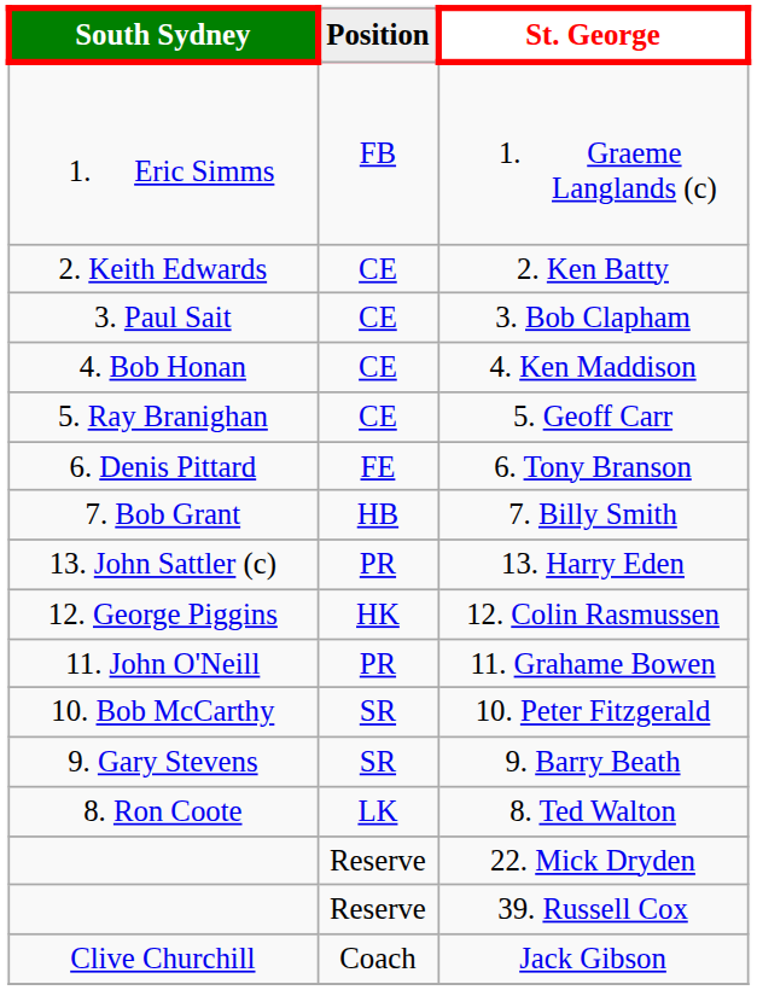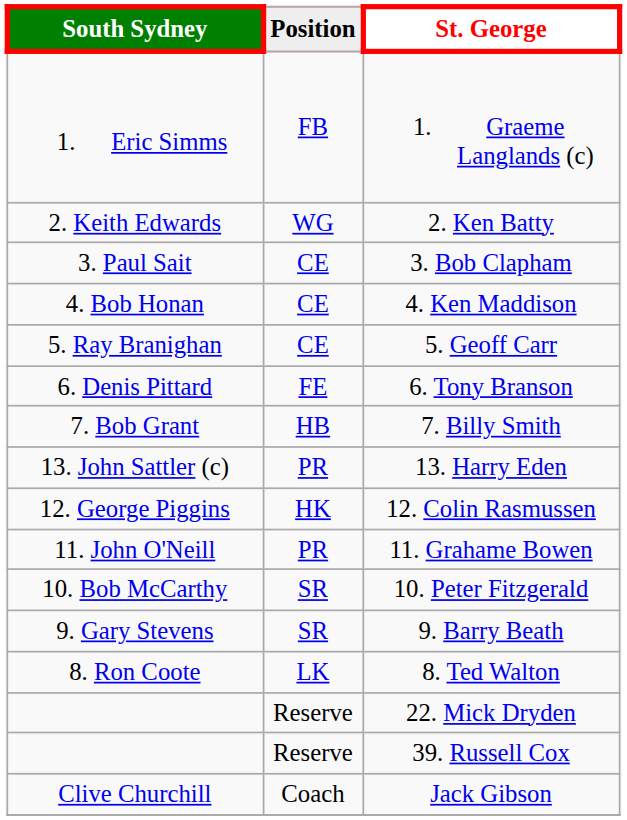 <table align="right" class="wikitable" style="font-size:90%; margin-left:1em">
 <tr bgcolor="#FF0033">
 <th style="width:140px; border:3px solid red; background: green; color: white">South Sydney</th>
 <th style="width:40px; text-align:center; background:#eee; color:black;">Position</th>
 <th style="width:140px; border:3px solid red; background: white; color: red">St. George</th>
 </tr>
 <tr align=center>
 <td><br><ol><li><a href='#'>Eric Simms</a></li></ol></td>
 <td><a href='#'>FB</a></td>
 <td><br><ol><li><a href='#'>Graeme Langlands</a> (c)</li></ol></td>
 </tr>
 <tr align=center>
 <td>2. <a href='#'>Keith Edwards</a></td>
-<td><a href='#'>CE</a></td>
+<td><a href='#'>WG</a></td>
 <td>2. <a href='#'>Ken Batty</a></td>
 </tr>
 <tr align=center>
 <td>3. <a href='#'>Paul Sait</a></td>
 <td><a href='#'>CE</a></td>
 <td>3. <a href='#'>Bob Clapham</a></td>
 </tr>
 <tr align=center>
 <td>4. <a href='#'>Bob Honan</a></td>
 <td><a href='#'>CE</a></td>
 <td>4. <a href='#'>Ken Maddison</a></td>
 </tr>
 <tr align=center>
 <td>5. <a href='#'>Ray Branighan</a></td>
 <td><a href='#'>CE</a></td>
 <td>5. <a href='#'>Geoff Carr</a></td>
 </tr>
 <tr align=center>
 <td>6. <a href='#'>Denis Pittard</a></td>
 <td><a href='#'>FE</a></td>
 <td>6. <a href='#'>Tony Branson</a></td>
 </tr>
 <tr align=center>
 <td>7. <a href='#'>Bob Grant</a></td>
 <td><a href='#'>HB</a></td>
 <td>7. <a href='#'>Billy Smith</a></td>
 </tr>
 <tr align=center>
 <td>13. <a href='#'>John Sattler</a> (c)</td>
 <td><a href='#'>PR</a></td>
 <td>13. <a href='#'>Harry Eden</a></td>
 </tr>
 <tr align=center>
 <td>12. <a href='#'>George Piggins</a></td>
 <td><a href='#'>HK</a></td>
 <td>12. <a href='#'>Colin Rasmussen</a></td>
 </tr>
 <tr align=center>
 <td>11. <a href='#'>John O'Neill</a></td>
 <td><a href='#'>PR</a></td>
 <td>11. <a href='#'>Grahame Bowen</a></td>
 </tr>
 <tr align=center>
 <td>10. <a href='#'>Bob McCarthy</a></td>
 <td><a href='#'>SR</a></td>
 <td>10. <a href='#'>Peter Fitzgerald</a></td>
 </tr>
 <tr align=center>
 <td>9. <a href='#'>Gary Stevens</a></td>
 <td><a href='#'>SR</a></td>
 <td>9. <a href='#'>Barry Beath</a></td>
 </tr>
 <tr align=center>
 <td>8. <a href='#'>Ron Coote</a></td>
 <td><a href='#'>LK</a></td>
 <td>8. <a href='#'>Ted Walton</a></td>
 </tr>
 <tr align=center>
 <td></td>
 <td>Reserve</td>
 <td>22. <a href='#'>Mick Dryden</a></td>
 </tr>
 <tr align=center>
 <td></td>
 <td>Reserve</td>
 <td>39. <a href='#'>Russell Cox</a></td>
 </tr>
 <tr align=center>
 <td><a href='#'>Clive Churchill</a></td>
 <td>Coach</td>
 <td><a href='#'>Jack Gibson</a></td>
 </tr>
 <tr>
 </tr>
 </table>
